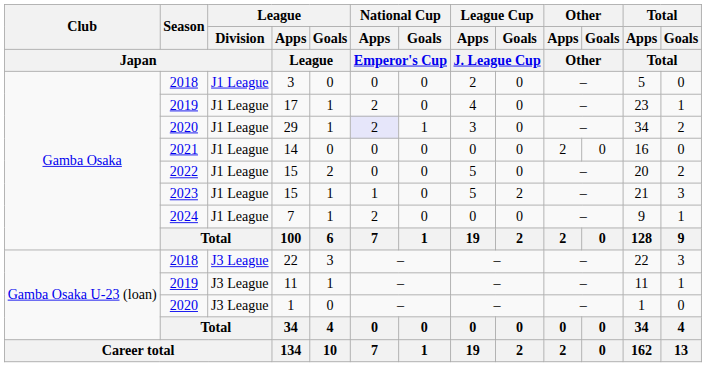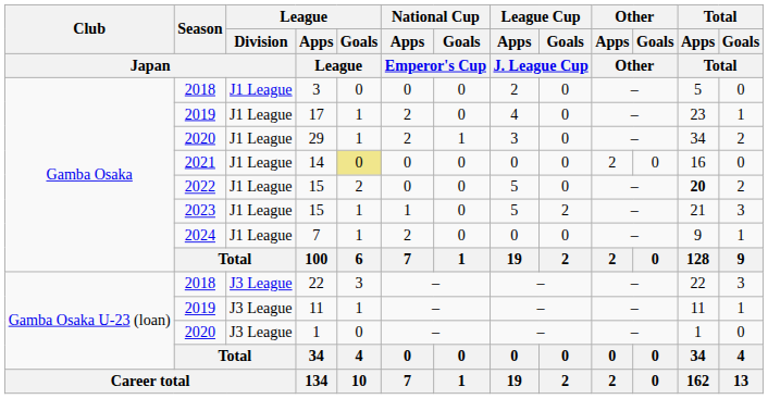 <table class="wikitable" style="text-align:center">
 <tr>
 <th rowspan=2>Club</th>
 <th rowspan=2>Season</th>
 <th colspan=3>League</th>
 <th colspan=2>National Cup</th>
 <th colspan=2>League Cup</th>
 <th colspan=2>Other</th>
 <th colspan=2>Total</th>
 </tr>
 <tr>
 <th>Division</th>
 <th>Apps</th>
 <th>Goals</th>
 <th>Apps</th>
 <th>Goals</th>
 <th>Apps</th>
 <th>Goals</th>
 <th>Apps</th>
 <th>Goals</th>
 <th>Apps</th>
 <th>Goals</th>
 </tr>
 <tr>
 <th colspan=3>Japan</th>
 <th colspan=2>League</th>
 <th colspan=2><a href='#'>Emperor's Cup</a></th>
 <th colspan=2><a href='#'>J. League Cup</a></th>
 <th colspan=2>Other</th>
 <th colspan=2>Total</th>
 </tr>
 <tr>
 <td rowspan="8"><a href='#'>Gamba Osaka</a></td>
 <td><a href='#'>2018</a></td>
 <td><a href='#'>J1 League</a></td>
 <td>3</td>
 <td>0</td>
 <td>0</td>
 <td>0</td>
 <td>2</td>
 <td>0</td>
 <td colspan="2">–</td>
 <td>5</td>
 <td>0</td>
 </tr>
 <tr>
 <td><a href='#'>2019</a></td>
 <td>J1 League</td>
 <td>17</td>
 <td>1</td>
 <td>2</td>
 <td>0</td>
 <td>4</td>
 <td>0</td>
 <td colspan="2">–</td>
 <td>23</td>
 <td>1</td>
 </tr>
 <tr>
 <td><a href='#'>2020</a></td>
 <td>J1 League</td>
 <td>29</td>
 <td>1</td>
-<td style="background: lavender;">2</td>
+<td>2</td>
 <td>1</td>
 <td>3</td>
 <td>0</td>
 <td colspan="2">–</td>
 <td>34</td>
 <td>2</td>
 </tr>
 <tr>
 <td><a href='#'>2021</a></td>
 <td>J1 League</td>
 <td>14</td>
-<td>0</td>
+<td style="background: khaki;">0</td>
 <td>0</td>
 <td>0</td>
 <td>0</td>
 <td>0</td>
 <td>2</td>
 <td>0</td>
 <td>16</td>
 <td>0</td>
 </tr>
 <tr>
 <td><a href='#'>2022</a></td>
 <td>J1 League</td>
 <td>15</td>
 <td>2</td>
 <td>0</td>
 <td>0</td>
 <td>5</td>
 <td>0</td>
 <td colspan="2">–</td>
-<td>20</td>
+<td><strong>20</strong></td>
 <td>2</td>
 </tr>
 <tr>
 <td><a href='#'>2023</a></td>
 <td>J1 League</td>
 <td>15</td>
 <td>1</td>
 <td>1</td>
 <td>0</td>
 <td>5</td>
 <td>2</td>
 <td colspan="2">–</td>
 <td>21</td>
 <td>3</td>
 </tr>
 <tr>
 <td><a href='#'>2024</a></td>
 <td>J1 League</td>
 <td>7</td>
 <td>1</td>
 <td>2</td>
 <td>0</td>
 <td>0</td>
 <td>0</td>
 <td colspan="2">–</td>
 <td>9</td>
 <td>1</td>
 </tr>
 <tr>
 <th colspan="2">Total</th>
 <th>100</th>
 <th>6</th>
 <th>7</th>
 <th>1</th>
 <th>19</th>
 <th>2</th>
 <th>2</th>
 <th>0</th>
 <th>128</th>
 <th>9</th>
 </tr>
 <tr>
 <td rowspan="4"><a href='#'>Gamba Osaka U-23</a> (loan)</td>
 <td><a href='#'>2018</a></td>
 <td><a href='#'>J3 League</a></td>
 <td>22</td>
 <td>3</td>
 <td colspan="2">–</td>
 <td colspan="2">–</td>
 <td colspan="2">–</td>
 <td>22</td>
 <td>3</td>
 </tr>
 <tr>
 <td><a href='#'>2019</a></td>
 <td>J3 League</td>
 <td>11</td>
 <td>1</td>
 <td colspan="2">–</td>
 <td colspan="2">–</td>
 <td colspan="2">–</td>
 <td>11</td>
 <td>1</td>
 </tr>
 <tr>
 <td><a href='#'>2020</a></td>
 <td>J3 League</td>
 <td>1</td>
 <td>0</td>
 <td colspan="2">–</td>
 <td colspan="2">–</td>
 <td colspan="2">–</td>
 <td>1</td>
 <td>0</td>
 </tr>
 <tr>
 <th colspan="2">Total</th>
 <th>34</th>
 <th>4</th>
 <th>0</th>
 <th>0</th>
 <th>0</th>
 <th>0</th>
 <th>0</th>
 <th>0</th>
 <th>34</th>
 <th>4</th>
 </tr>
 <tr>
 <th colspan=3>Career total</th>
 <th>134</th>
 <th>10</th>
 <th>7</th>
 <th>1</th>
 <th>19</th>
 <th>2</th>
 <th>2</th>
 <th>0</th>
 <th>162</th>
 <th>13</th>
 </tr>
 </table>
